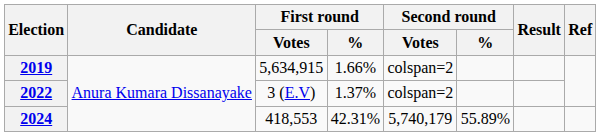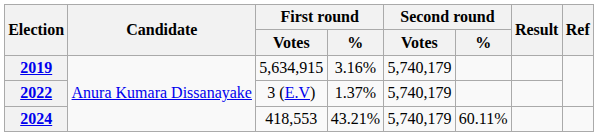 <table class="wikitable">
 <tr>
 <th rowspan="2" style="background-color:">Election</th>
 <th rowspan="2" style="background-color:">Candidate</th>
 <th colspan="2" style="background-color:">First round</th>
 <th colspan="2" style="background-color:">Second round</th>
 <th rowspan="2" style="background-color:">Result</th>
 <th rowspan="2" style="background-color:">Ref</th>
 </tr>
 <tr>
 <th style="background-color:">Votes</th>
 <th style="background-color:">%</th>
 <th style="background-color:">Votes</th>
 <th style="background-color:">%</th>
 </tr>
 <tr>
 <th><a href='#'>2019</a></th>
 <td rowspan="3"><a href='#'>Anura Kumara Dissanayake</a></td>
 <td align="center">5,634,915</td>
-<td align="center">1.66%</td>
-<td>colspan=2 </td>
+<td align="center">3.16%</td>
+<td align="center">5,740,179</td>
 <td></td>
 <td></td>
 </tr>
 <tr>
 <th><a href='#'>2022</a></th>
 <td align="center">3 (<a href='#'>E.V</a>)</td>
 <td align="center">1.37%</td>
-<td>colspan=2 </td>
+<td align="center">5,740,179</td>
 <td></td>
 <td></td>
 </tr>
 <tr>
 <th><a href='#'>2024</a></th>
 <td align="center">418,553</td>
-<td align="center">42.31%</td>
+<td align="center">43.21%</td>
 <td align="center">5,740,179</td>
-<td align="center">55.89%</td>
+<td align="center">60.11%</td>
 <td></td>
 <td></td>
 </tr>
 </table>
